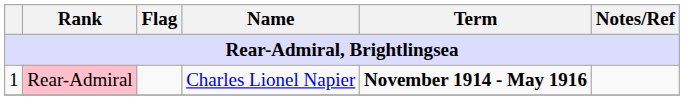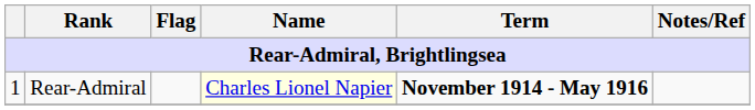 <table class="wikitable">
 <tr>
 <th></th>
 <th>Rank</th>
 <th>Flag</th>
 <th>Name</th>
 <th>Term</th>
 <th>Notes/Ref</th>
 </tr>
 <tr>
 <td colspan="6" align="center" style="background:#dcdcfe;"><strong>Rear-Admiral, Brightlingsea</strong></td>
 </tr>
 <tr>
 <td>1</td>
-<td style="background: pink;">Rear-Admiral</td>
+<td>Rear-Admiral</td>
 <td></td>
-<td><a href='#'>Charles Lionel Napier</a></td>
+<td style="background: lightyellow;"><a href='#'>Charles Lionel Napier</a></td>
 <td><strong>November 1914 - May 1916</strong></td>
 <td></td>
 </tr>
 <tr>
 </tr>
 </table>
